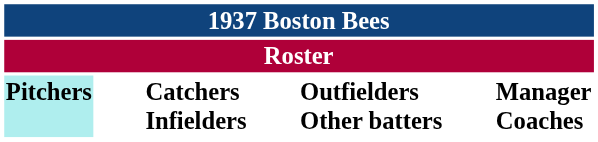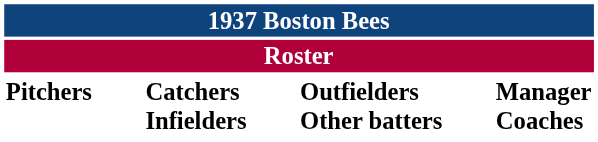 <table class="toccolours" style="font-size: 95%;">
 <tr>
 <th colspan="10" style="background-color: #0f437c; color: white; text-align: center;">1937 Boston Bees</th>
 </tr>
 <tr>
 <td colspan="10" style="background-color: #af0039; color: white; text-align: center;"><strong>Roster</strong></td>
 </tr>
 <tr>
-<td valign="top" style="background: paleturquoise;"><strong>Pitchers</strong><br>          </td>
+<td valign="top"><strong>Pitchers</strong><br>          </td>
 <td width="25px"></td>
 <td valign="top"><strong>Catchers</strong><br>    <strong>Infielders</strong>      </td>
 <td width="25px"></td>
 <td valign="top"><strong>Outfielders</strong><br>       <strong>Other batters</strong>  </td>
 <td width="25px"></td>
 <td valign="top"><strong>Manager</strong><br> <strong>Coaches</strong> </td>
 </tr>
 </table>
